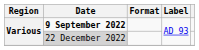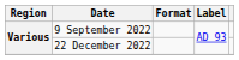 <table class="wikitable sortable plainrowheaders">
 <tr>
 <th scope="col">Region</th>
 <th scope="col">Date</th>
 <th scope="col">Format</th>
 <th scope="col">Label</th>
 <th scope="col"></th>
 </tr>
 <tr>
 <th scope="row" rowspan="2">Various</th>
-<td><strong>9 September 2022</strong></td>
+<td>9 September 2022</td>
 <td></td>
 <td rowspan="2"><a href='#'>AD 93</a></td>
 <td align=center></td>
 </tr>
 <tr>
-<td style="background: lightgrey;">22 December 2022</td>
+<td>22 December 2022</td>
 <td></td>
 <td align=center></td>
 </tr>
 <tr>
 </tr>
 </table>
